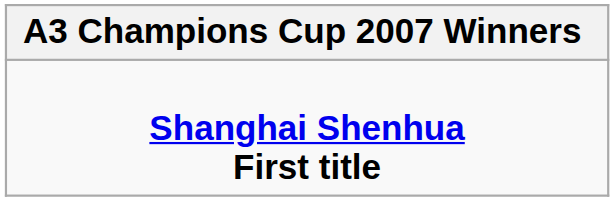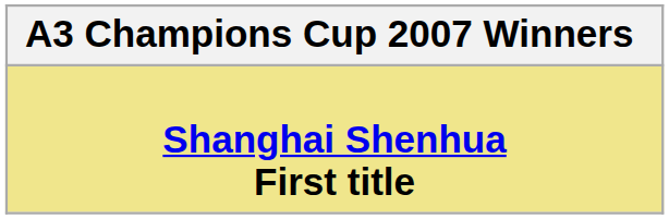 <table class="wikitable" style="text-align: center; margin: 0 auto;">
 <tr>
 <th> A3 Champions Cup 2007 Winners  </th>
 </tr>
 <tr>
-<td> <br> <strong><a href='#'>Shanghai Shenhua</a> <br> First title</strong></td>
+<td style="background: khaki;"> <br> <strong><a href='#'>Shanghai Shenhua</a> <br> First title</strong></td>
 </tr>
 </table>
